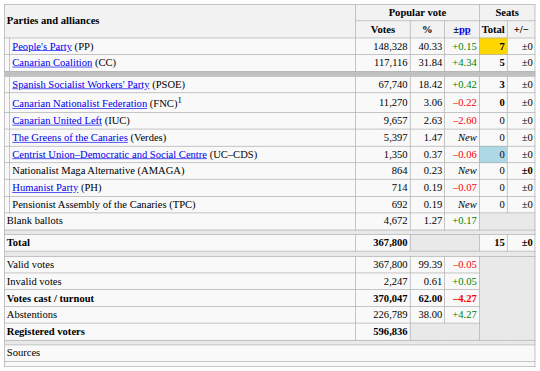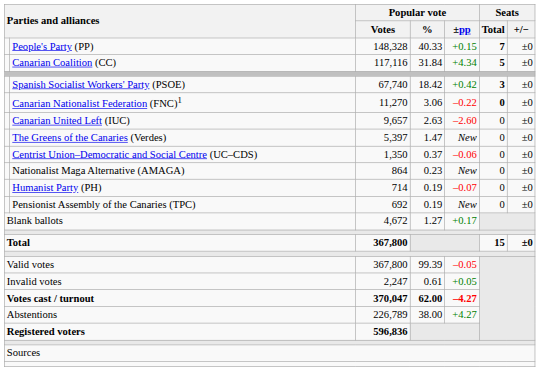 <table class="wikitable" style="text-align:right;">
 <tr>
 <th style="text-align:left;" rowspan="2" colspan="2" width="525">Parties and alliances</th>
 <th colspan="3">Popular vote</th>
 <th colspan="2">Seats</th>
 </tr>
 <tr>
 <th width="75">Votes</th>
 <th width="45">%</th>
 <th width="45">±<a href='#'>pp</a></th>
 <th width="35">Total</th>
 <th width="35">+/−</th>
 </tr>
 <tr>
 <td width="1" style="color:inherit;background:"></td>
 <td align="left"><a href='#'>People's Party</a> (PP)</td>
 <td>148,328</td>
 <td>40.33</td>
 <td style="color:green;">+0.15</td>
-<td style="background: gold;"><strong>7</strong></td>
+<td><strong>7</strong></td>
 <td>±0</td>
 </tr>
 <tr>
 <td style="color:inherit;background:"></td>
 <td align="left"><a href='#'>Canarian Coalition</a> (CC)</td>
 <td>117,116</td>
 <td>31.84</td>
 <td style="color:green;">+4.34</td>
 <td><strong>5</strong></td>
 <td>±0</td>
 </tr>
 <tr>
 <td colspan="7" bgcolor="#C0C0C0"></td>
 </tr>
 <tr>
 <td style="color:inherit;background:"></td>
 <td align="left"><a href='#'>Spanish Socialist Workers' Party</a> (PSOE)</td>
 <td>67,740</td>
 <td>18.42</td>
 <td style="color:green;">+0.42</td>
 <td><strong>3</strong></td>
 <td>±0</td>
 </tr>
 <tr>
 <td style="color:inherit;background:"></td>
 <td align="left"><a href='#'>Canarian Nationalist Federation</a> (FNC)<sup>1</sup></td>
 <td>11,270</td>
 <td>3.06</td>
 <td style="color:red;">–0.22</td>
 <td><strong>0</strong></td>
 <td>±0</td>
 </tr>
 <tr>
 <td style="color:inherit;background:"></td>
 <td align="left"><a href='#'>Canarian United Left</a> (IUC)</td>
 <td>9,657</td>
 <td>2.63</td>
 <td style="color:red;">–2.60</td>
 <td>0</td>
 <td>±0</td>
 </tr>
 <tr>
 <td style="color:inherit;background:"></td>
 <td align="left"><a href='#'>The Greens of the Canaries</a> (Verdes)</td>
 <td>5,397</td>
 <td>1.47</td>
 <td><em>New</em></td>
 <td>0</td>
 <td>±0</td>
 </tr>
 <tr>
 <td style="color:inherit;background:"></td>
 <td align="left"><a href='#'>Centrist Union–Democratic and Social Centre</a> (UC–CDS)</td>
 <td>1,350</td>
 <td>0.37</td>
 <td style="color:red;">–0.06</td>
-<td style="background: lightblue;">0</td>
+<td>0</td>
 <td>±0</td>
 </tr>
 <tr>
 <td style="color:inherit;background:"></td>
 <td align="left">Nationalist Maga Alternative (AMAGA)</td>
 <td>864</td>
 <td>0.23</td>
 <td><em>New</em></td>
 <td>0</td>
-<td><strong>±0</strong></td>
+<td>±0</td>
 </tr>
 <tr>
 <td style="color:inherit;background:"></td>
 <td align="left"><a href='#'>Humanist Party</a> (PH)</td>
 <td>714</td>
 <td>0.19</td>
 <td style="color:red;">–0.07</td>
 <td>0</td>
 <td>±0</td>
 </tr>
 <tr>
 <td style="color:inherit;background:"></td>
 <td align="left">Pensionist Assembly of the Canaries (TPC)</td>
 <td>692</td>
 <td>0.19</td>
 <td><em>New</em></td>
 <td>0</td>
 <td>±0</td>
 </tr>
 <tr>
 <td align="left" colspan="2">Blank ballots</td>
 <td>4,672</td>
 <td>1.27</td>
 <td style="color:green;">+0.17</td>
 <td bgcolor="#E9E9E9" colspan="2"></td>
 </tr>
 <tr>
 <td colspan="7" bgcolor="#E9E9E9"></td>
 </tr>
 <tr style="font-weight:bold;">
 <td align="left" colspan="2">Total</td>
 <td>367,800</td>
 <td bgcolor="#E9E9E9" colspan="2"></td>
 <td>15</td>
 <td>±0</td>
 </tr>
 <tr>
 <td colspan="7" bgcolor="#E9E9E9"></td>
 </tr>
 <tr>
 <td align="left" colspan="2">Valid votes</td>
 <td>367,800</td>
 <td>99.39</td>
 <td style="color:red;">–0.05</td>
 <td bgcolor="#E9E9E9" colspan="2" rowspan="5"></td>
 </tr>
 <tr>
 <td align="left" colspan="2">Invalid votes</td>
 <td>2,247</td>
 <td>0.61</td>
 <td style="color:green;">+0.05</td>
 </tr>
 <tr style="font-weight:bold;">
 <td align="left" colspan="2">Votes cast / turnout</td>
 <td>370,047</td>
 <td>62.00</td>
 <td style="color:red;">–4.27</td>
 </tr>
 <tr>
 <td align="left" colspan="2">Abstentions</td>
 <td>226,789</td>
 <td>38.00</td>
 <td style="color:green;">+4.27</td>
 </tr>
 <tr style="font-weight:bold;">
 <td align="left" colspan="2">Registered voters</td>
 <td>596,836</td>
 <td bgcolor="#E9E9E9" colspan="2"></td>
 </tr>
 <tr>
 <td colspan="7" bgcolor="#E9E9E9"></td>
 </tr>
 <tr>
 <td align="left" colspan="7">Sources</td>
 </tr>
 <tr>
 <td colspan="7" style="text-align:left; max-width:790px;"></td>
 </tr>
 </table>
